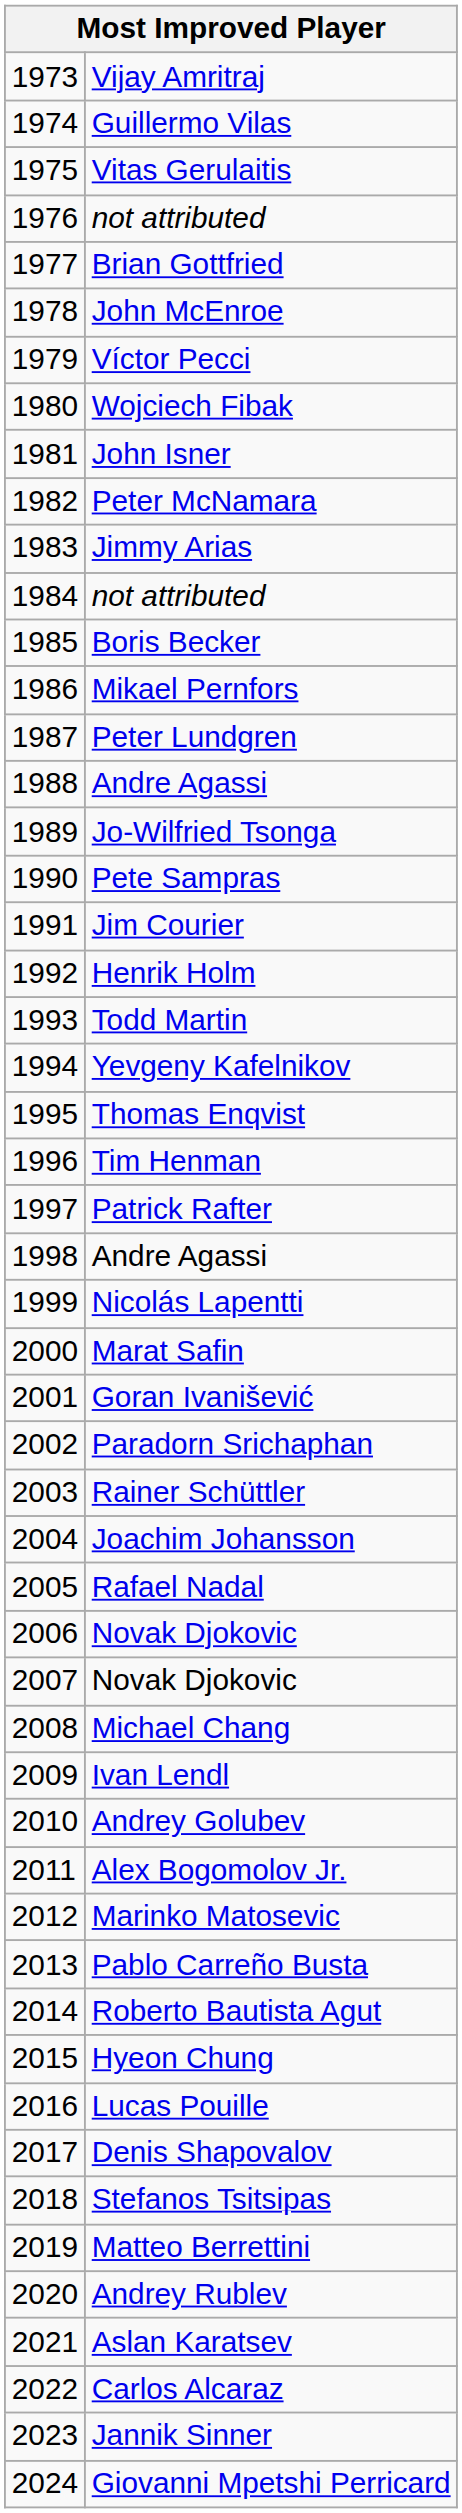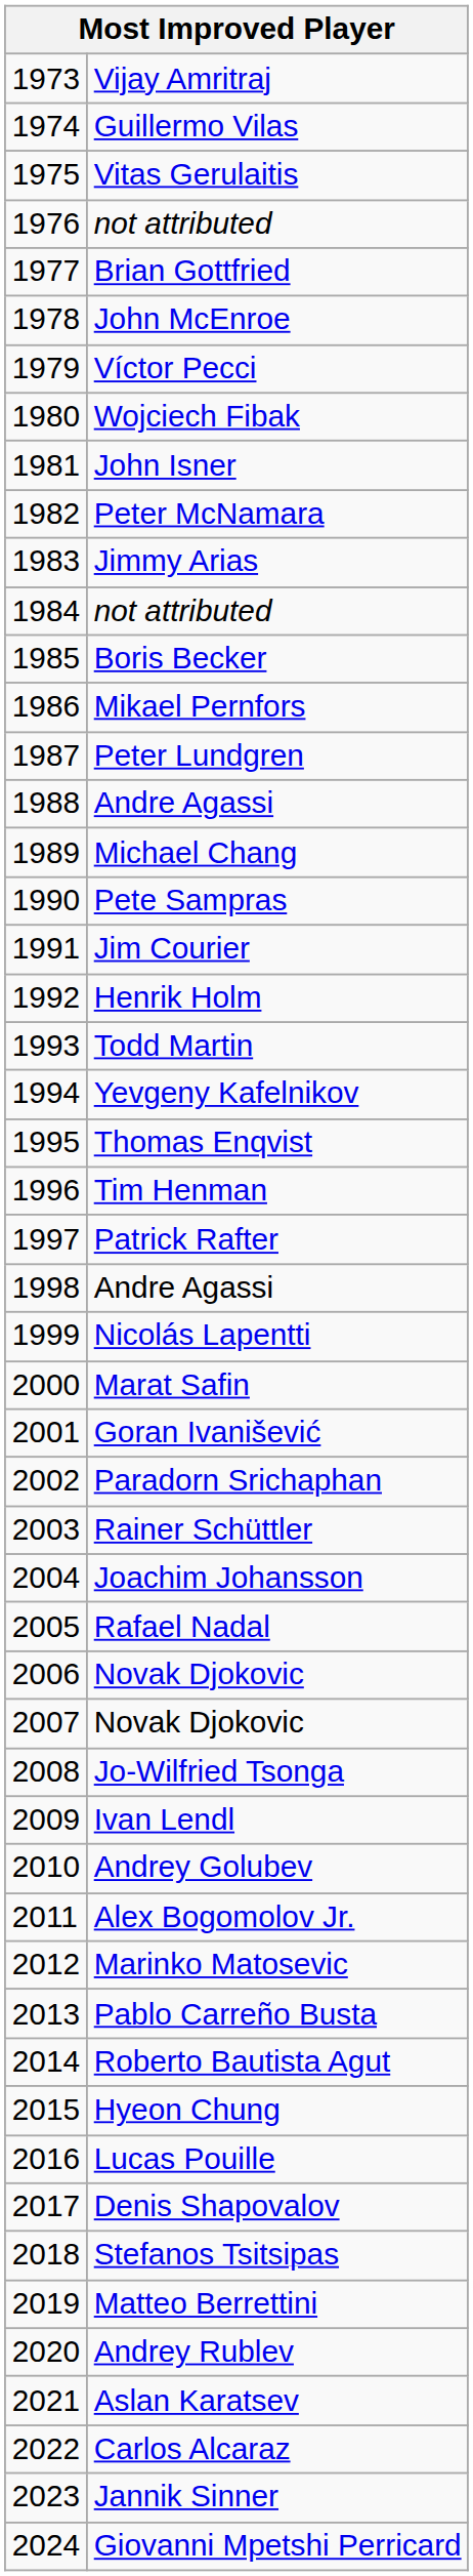 <table class="wikitable sortable" style="display:inline-table;">
 <tr>
 <th colspan="2" width="230">Most Improved Player</th>
 </tr>
 <tr>
 <td>1973</td>
 <td> <a href='#'>Vijay Amritraj</a></td>
 </tr>
 <tr>
 <td>1974</td>
 <td> <a href='#'>Guillermo Vilas</a></td>
 </tr>
 <tr>
 <td>1975</td>
 <td> <a href='#'>Vitas Gerulaitis</a></td>
 </tr>
 <tr>
 <td>1976</td>
 <td><em>not attributed</em></td>
 </tr>
 <tr>
 <td>1977</td>
 <td> <a href='#'>Brian Gottfried</a></td>
 </tr>
 <tr>
 <td>1978</td>
 <td>  <a href='#'>John McEnroe</a></td>
 </tr>
 <tr>
 <td>1979</td>
 <td> <a href='#'>Víctor Pecci</a></td>
 </tr>
 <tr>
 <td>1980</td>
 <td> <a href='#'>Wojciech Fibak</a></td>
 </tr>
 <tr>
 <td>1981</td>
 <td> <a href='#'>John Isner</a></td>
 </tr>
 <tr>
 <td>1982</td>
 <td> <a href='#'>Peter McNamara</a></td>
 </tr>
 <tr>
 <td>1983</td>
 <td> <a href='#'>Jimmy Arias</a></td>
 </tr>
 <tr>
 <td>1984</td>
 <td><em>not attributed</em></td>
 </tr>
 <tr>
 <td>1985</td>
 <td> <a href='#'>Boris Becker</a></td>
 </tr>
 <tr>
 <td>1986</td>
 <td> <a href='#'>Mikael Pernfors</a></td>
 </tr>
 <tr>
 <td>1987</td>
 <td> <a href='#'>Peter Lundgren</a></td>
 </tr>
 <tr>
 <td>1988</td>
 <td> <a href='#'>Andre Agassi</a></td>
 </tr>
 <tr>
 <td>1989</td>
-<td> <a href='#'>Jo-Wilfried Tsonga</a></td>
+<td> <a href='#'>Michael Chang</a></td>
 </tr>
 <tr>
 <td>1990</td>
 <td> <a href='#'>Pete Sampras</a></td>
 </tr>
 <tr>
 <td>1991</td>
 <td> <a href='#'>Jim Courier</a></td>
 </tr>
 <tr>
 <td>1992</td>
 <td> <a href='#'>Henrik Holm</a></td>
 </tr>
 <tr>
 <td>1993</td>
 <td> <a href='#'>Todd Martin</a></td>
 </tr>
 <tr>
 <td>1994</td>
 <td> <a href='#'>Yevgeny Kafelnikov</a></td>
 </tr>
 <tr>
 <td>1995</td>
 <td> <a href='#'>Thomas Enqvist</a></td>
 </tr>
 <tr>
 <td>1996</td>
 <td> <a href='#'>Tim Henman</a></td>
 </tr>
 <tr>
 <td>1997</td>
 <td> <a href='#'>Patrick Rafter</a></td>
 </tr>
 <tr>
 <td>1998</td>
 <td> Andre Agassi </td>
 </tr>
 <tr>
 <td>1999</td>
 <td> <a href='#'>Nicolás Lapentti</a></td>
 </tr>
 <tr>
 <td>2000</td>
 <td> <a href='#'>Marat Safin</a></td>
 </tr>
 <tr>
 <td>2001</td>
 <td> <a href='#'>Goran Ivanišević</a></td>
 </tr>
 <tr>
 <td>2002</td>
 <td> <a href='#'>Paradorn Srichaphan</a></td>
 </tr>
 <tr>
 <td>2003</td>
 <td> <a href='#'>Rainer Schüttler</a></td>
 </tr>
 <tr>
 <td>2004</td>
 <td> <a href='#'>Joachim Johansson</a></td>
 </tr>
 <tr>
 <td>2005</td>
 <td> <a href='#'>Rafael Nadal</a></td>
 </tr>
 <tr>
 <td>2006</td>
 <td> <a href='#'>Novak Djokovic</a></td>
 </tr>
 <tr>
 <td>2007</td>
 <td> Novak Djokovic </td>
 </tr>
 <tr>
 <td>2008</td>
-<td> <a href='#'>Michael Chang</a></td>
+<td> <a href='#'>Jo-Wilfried Tsonga</a></td>
 </tr>
 <tr>
 <td>2009</td>
 <td> <a href='#'>Ivan Lendl</a></td>
 </tr>
 <tr>
 <td>2010</td>
 <td> <a href='#'>Andrey Golubev</a></td>
 </tr>
 <tr>
 <td>2011</td>
 <td> <a href='#'>Alex Bogomolov Jr.</a></td>
 </tr>
 <tr>
 <td>2012</td>
 <td> <a href='#'>Marinko Matosevic</a></td>
 </tr>
 <tr>
 <td>2013</td>
 <td> <a href='#'>Pablo Carreño Busta</a></td>
 </tr>
 <tr>
 <td>2014</td>
 <td> <a href='#'>Roberto Bautista Agut</a></td>
 </tr>
 <tr>
 <td>2015</td>
 <td> <a href='#'>Hyeon Chung</a></td>
 </tr>
 <tr>
 <td>2016</td>
 <td> <a href='#'>Lucas Pouille</a></td>
 </tr>
 <tr>
 <td>2017</td>
 <td> <a href='#'>Denis Shapovalov</a></td>
 </tr>
 <tr>
 <td>2018</td>
 <td> <a href='#'>Stefanos Tsitsipas</a></td>
 </tr>
 <tr>
 <td>2019</td>
 <td> <a href='#'>Matteo Berrettini</a></td>
 </tr>
 <tr>
 <td>2020</td>
 <td> <a href='#'>Andrey Rublev</a></td>
 </tr>
 <tr>
 <td>2021</td>
 <td> <a href='#'>Aslan Karatsev</a></td>
 </tr>
 <tr>
 <td>2022</td>
 <td> <a href='#'>Carlos Alcaraz</a></td>
 </tr>
 <tr>
 <td>2023</td>
 <td> <a href='#'>Jannik Sinner</a></td>
 </tr>
 <tr>
 <td>2024</td>
 <td> <a href='#'>Giovanni Mpetshi Perricard</a></td>
 </tr>
 </table>
